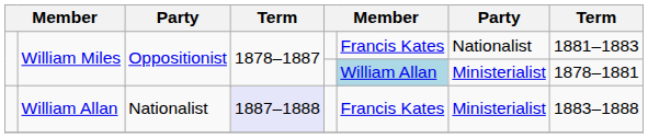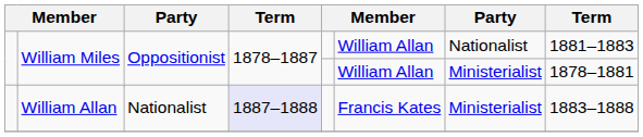 <table class="wikitable">
 <tr>
 <th colspan="2">Member</th>
 <th>Party</th>
 <th>Term</th>
 <th colspan="2">Member</th>
 <th>Party</th>
 <th>Term</th>
 </tr>
 <tr>
 <td rowspan="3" > </td>
 <td rowspan="3"><a href='#'>William Miles</a></td>
 <td rowspan="3"><a href='#'>Oppositionist</a></td>
 <td rowspan="3">1878–1887</td>
 <td> </td>
-<td><a href='#'>Francis Kates</a></td>
+<td><a href='#'>William Allan</a></td>
 <td>Nationalist</td>
 <td>1881–1883</td>
 </tr>
 <tr>
 <td> </td>
-<td style="background: lightblue;"><a href='#'>William Allan</a></td>
+<td><a href='#'>William Allan</a></td>
 <td><a href='#'>Ministerialist</a></td>
 <td>1878–1881</td>
 </tr>
 <tr>
 <td rowspan="2" > <br> </td>
 <td rowspan="2"><a href='#'>Francis Kates</a></td>
 <td rowspan="2"><a href='#'>Ministerialist</a></td>
 <td rowspan="2">1883–1888</td>
 </tr>
 <tr>
 <td> </td>
 <td><a href='#'>William Allan</a></td>
 <td>Nationalist</td>
 <td style="background: lavender;">1887–1888</td>
 </tr>
 <tr>
 </tr>
 </table>
